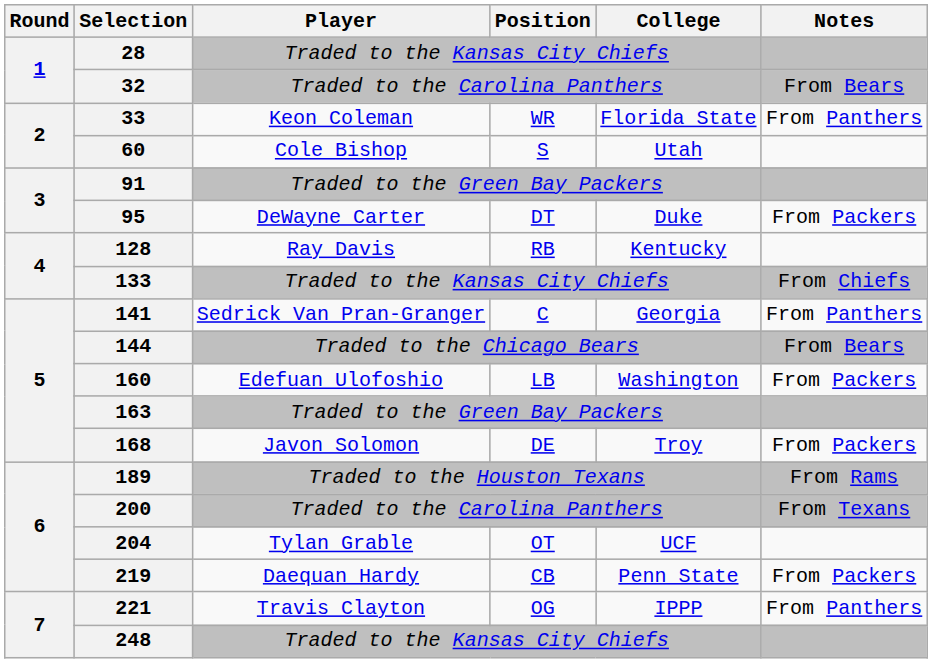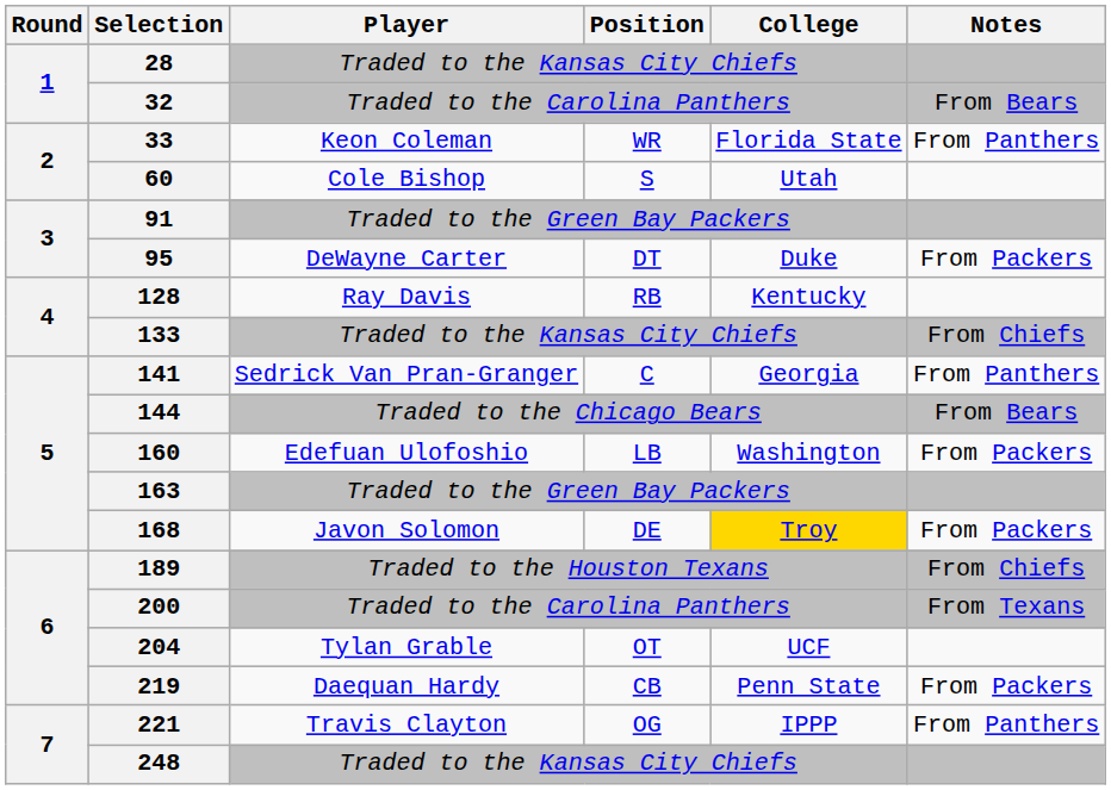 <table class="wikitable" style="text-align:center">
 <tr>
 <th>Round</th>
 <th>Selection</th>
 <th>Player</th>
 <th>Position</th>
 <th>College</th>
 <th>Notes</th>
 </tr>
 <tr>
 <th rowspan="2"><a href='#'>1</a></th>
 <th>28</th>
 <td colspan="3" style="background:#BFBFBF"><em>Traded to the <a href='#'>Kansas City Chiefs</a></em></td>
 <td style="background:#BFBFBF"></td>
 </tr>
 <tr>
 <th>32</th>
 <td colspan="3" style="background:#BFBFBF"><em>Traded to the <a href='#'>Carolina Panthers</a></em></td>
 <td style="background:#BFBFBF">From <a href='#'>Bears</a></td>
 </tr>
 <tr>
 <th rowspan="2">2</th>
 <th>33</th>
 <td><a href='#'>Keon Coleman</a></td>
 <td><a href='#'>WR</a></td>
 <td><a href='#'>Florida State</a></td>
 <td>From <a href='#'>Panthers</a></td>
 </tr>
 <tr>
 <th>60</th>
 <td><a href='#'>Cole Bishop</a></td>
 <td><a href='#'>S</a></td>
 <td><a href='#'>Utah</a></td>
 <td></td>
 </tr>
 <tr>
 <th rowspan="2">3</th>
 <th>91</th>
 <td colspan="3" style="background:#BFBFBF"><em>Traded to the <a href='#'>Green Bay Packers</a></em></td>
 <td style="background:#BFBFBF"></td>
 </tr>
 <tr>
 <th>95</th>
 <td><a href='#'>DeWayne Carter</a></td>
 <td><a href='#'>DT</a></td>
 <td><a href='#'>Duke</a></td>
 <td>From <a href='#'>Packers</a></td>
 </tr>
 <tr>
 <th rowspan="2">4</th>
 <th>128</th>
 <td><a href='#'>Ray Davis</a></td>
 <td><a href='#'>RB</a></td>
 <td><a href='#'>Kentucky</a></td>
 <td></td>
 </tr>
 <tr>
 <th>133</th>
 <td colspan="3" style="background:#BFBFBF"><em>Traded to the <a href='#'>Kansas City Chiefs</a></em></td>
 <td style="background:#BFBFBF">From <a href='#'>Chiefs</a></td>
 </tr>
 <tr>
 <th rowspan="5">5</th>
 <th>141</th>
 <td><a href='#'>Sedrick Van Pran-Granger</a></td>
 <td><a href='#'>C</a></td>
 <td><a href='#'>Georgia</a></td>
 <td>From <a href='#'>Panthers</a></td>
 </tr>
 <tr>
 <th>144</th>
 <td colspan="3" style="background:#BFBFBF"><em>Traded to the <a href='#'>Chicago Bears</a></em></td>
 <td style="background:#BFBFBF">From <a href='#'>Bears</a></td>
 </tr>
 <tr>
 <th>160</th>
 <td><a href='#'>Edefuan Ulofoshio</a></td>
 <td><a href='#'>LB</a></td>
 <td><a href='#'>Washington</a></td>
 <td>From <a href='#'>Packers</a></td>
 </tr>
 <tr>
 <th>163</th>
 <td colspan="3" style="background:#BFBFBF"><em>Traded to the <a href='#'>Green Bay Packers</a></em></td>
 <td style="background:#BFBFBF"></td>
 </tr>
 <tr>
 <th>168</th>
 <td><a href='#'>Javon Solomon</a></td>
 <td><a href='#'>DE</a></td>
-<td><a href='#'>Troy</a></td>
+<td style="background: gold;"><a href='#'>Troy</a></td>
 <td>From <a href='#'>Packers</a></td>
 </tr>
 <tr>
 <th rowspan="4">6</th>
 <th>189</th>
 <td colspan="3" style="background:#BFBFBF"><em>Traded to the <a href='#'>Houston Texans</a></em></td>
-<td style="background:#BFBFBF">From <a href='#'>Rams</a></td>
+<td style="background:#BFBFBF">From <a href='#'>Chiefs</a></td>
 </tr>
 <tr>
 <th>200</th>
 <td colspan="3" style="background:#BFBFBF"><em>Traded to the <a href='#'>Carolina Panthers</a></em></td>
 <td style="background:#BFBFBF">From <a href='#'>Texans</a></td>
 </tr>
 <tr>
 <th>204</th>
 <td><a href='#'>Tylan Grable</a></td>
 <td><a href='#'>OT</a></td>
 <td><a href='#'>UCF</a></td>
 <td></td>
 </tr>
 <tr>
 <th>219</th>
 <td><a href='#'>Daequan Hardy</a></td>
 <td><a href='#'>CB</a></td>
 <td><a href='#'>Penn State</a></td>
 <td>From <a href='#'>Packers</a></td>
 </tr>
 <tr>
 <th rowspan="2">7</th>
 <th>221</th>
 <td><a href='#'>Travis Clayton</a></td>
 <td><a href='#'>OG</a></td>
 <td><a href='#'>IPPP</a></td>
 <td>From <a href='#'>Panthers</a></td>
 </tr>
 <tr>
 <th>248</th>
 <td colspan="3" style="background:#BFBFBF"><em>Traded to the <a href='#'>Kansas City Chiefs</a></em></td>
 <td style="background:#BFBFBF"></td>
 </tr>
 </table>
